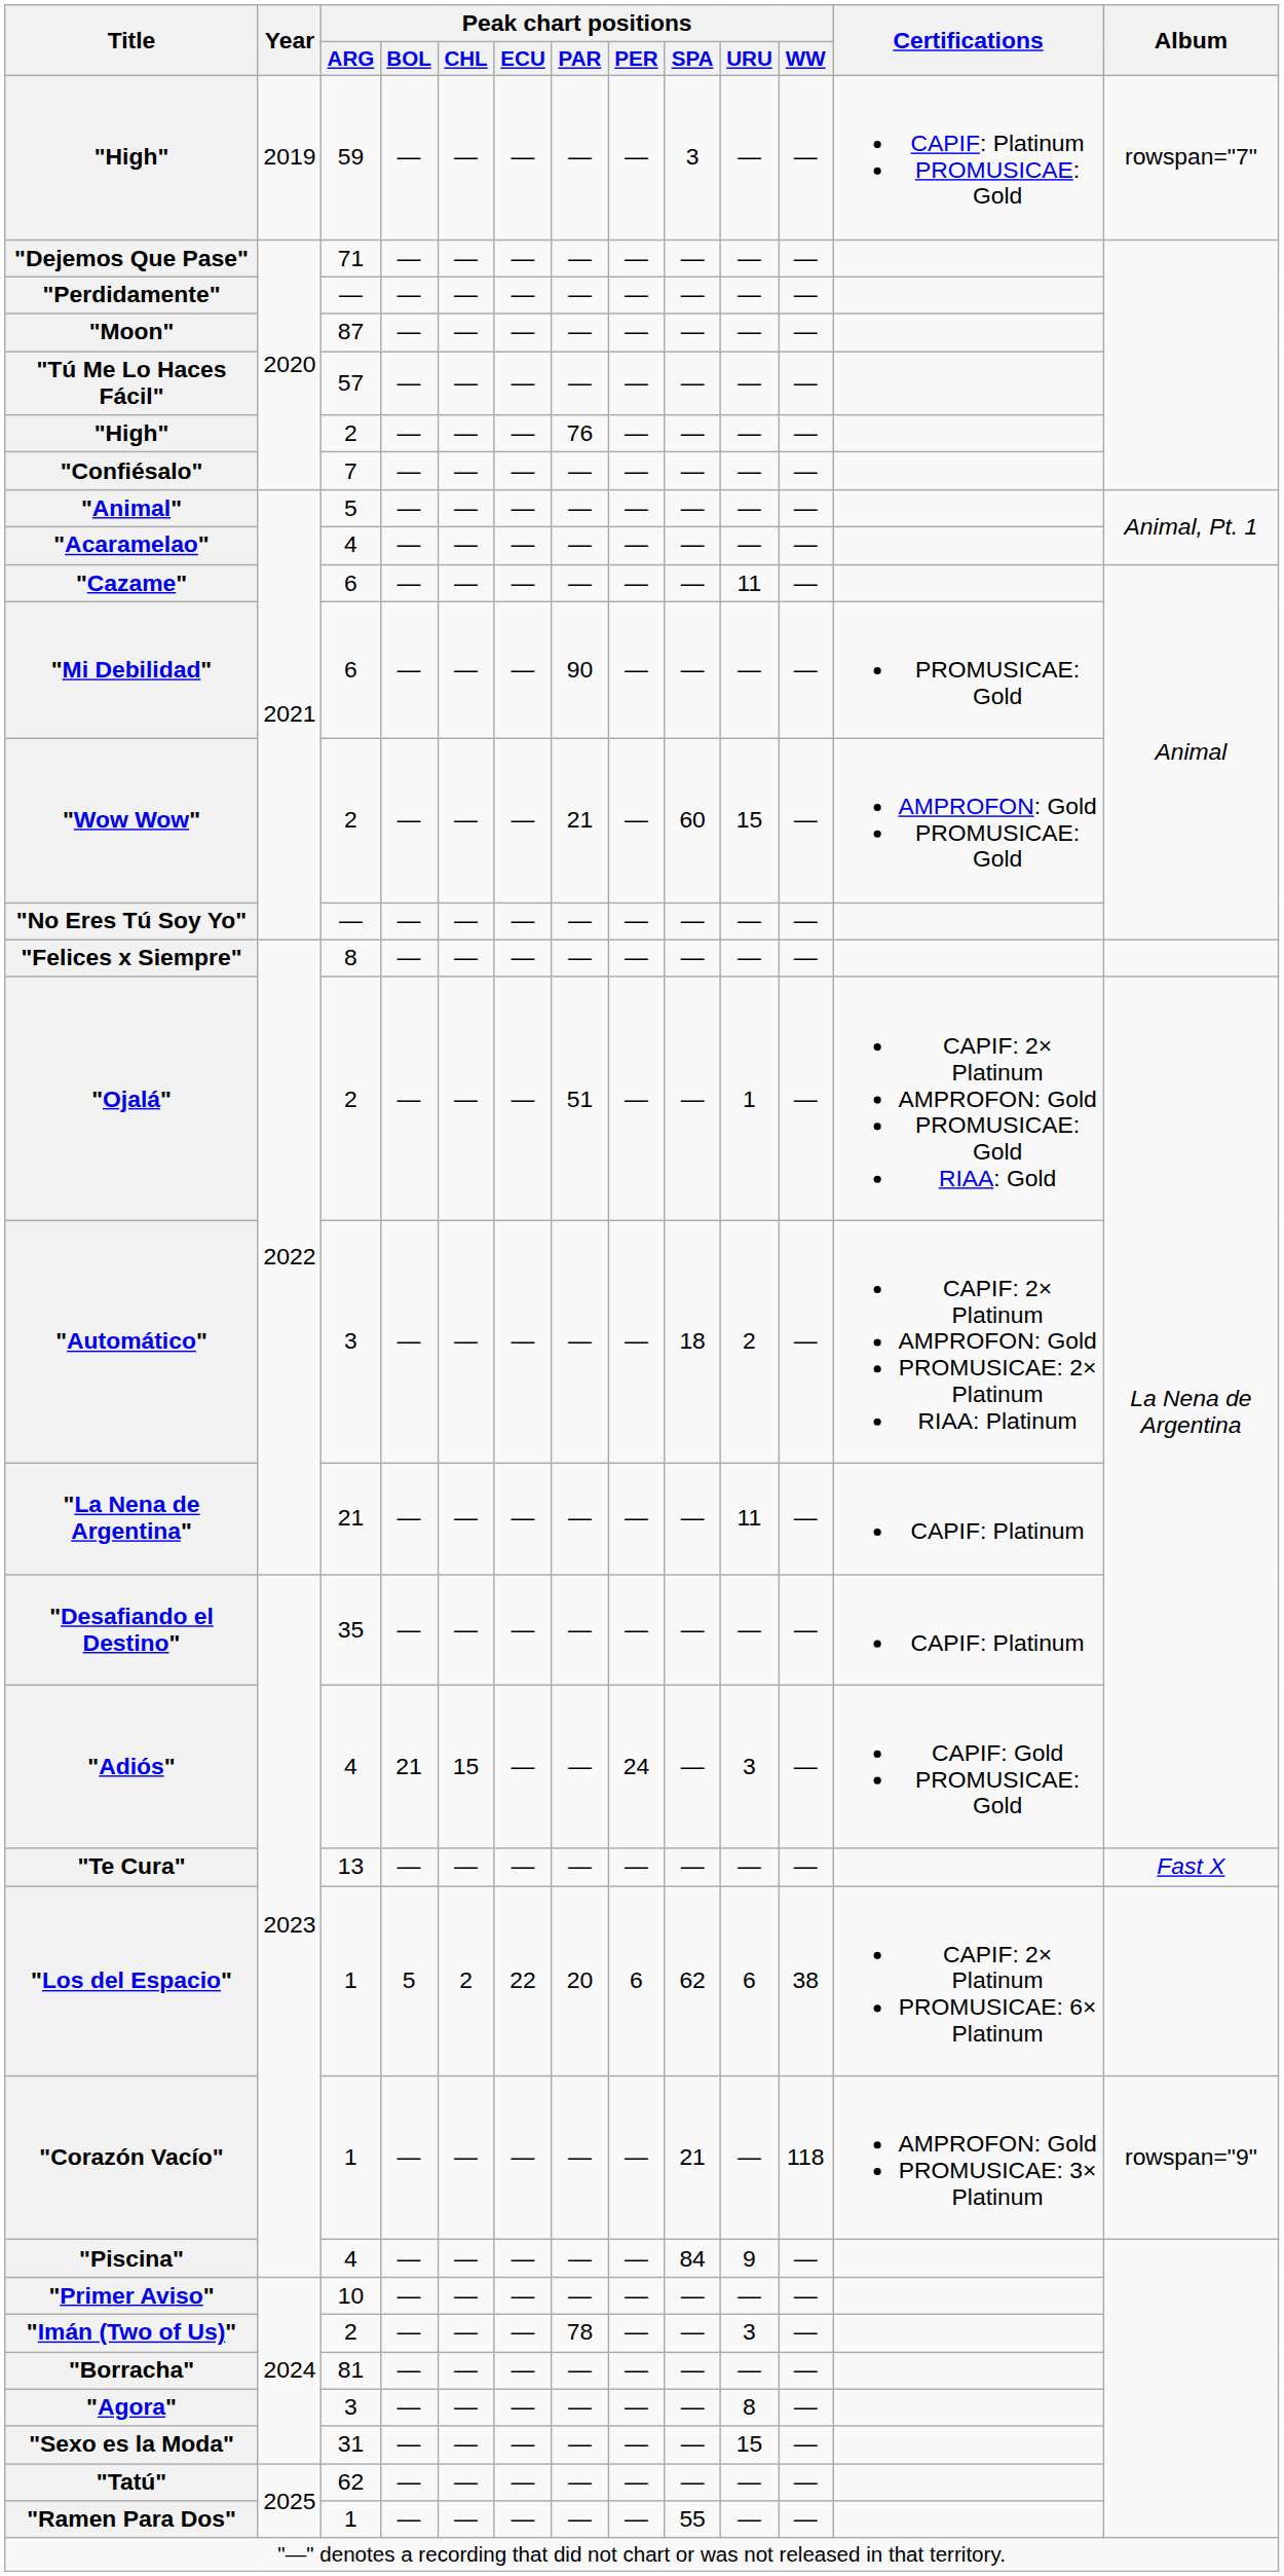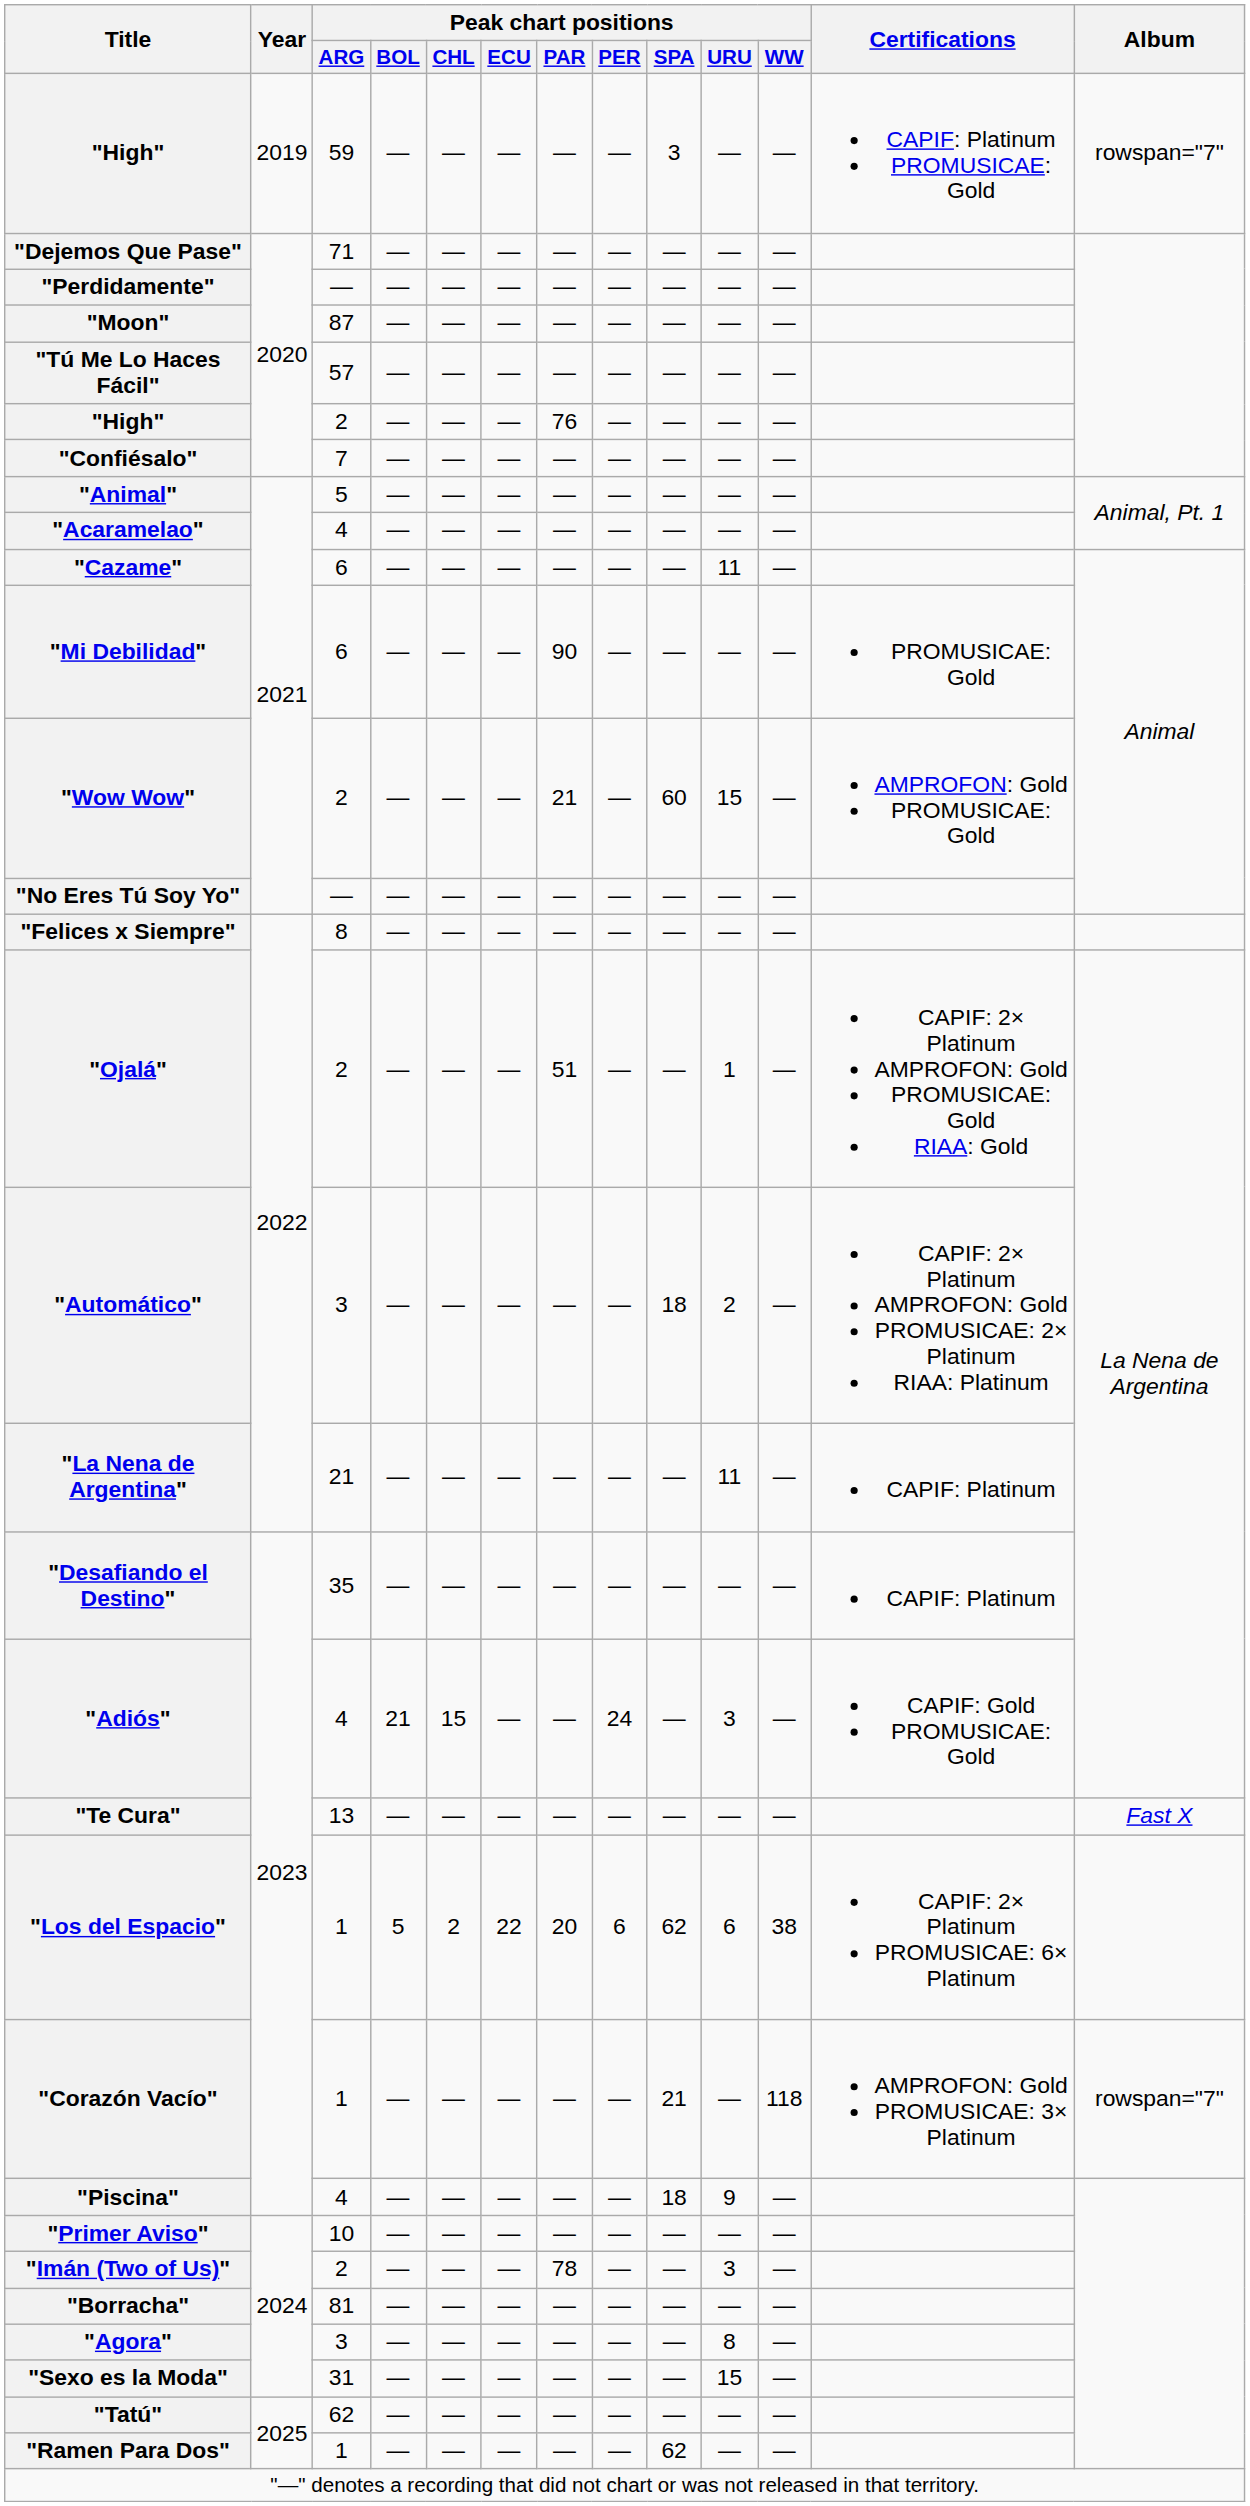 <table class="wikitable plainrowheaders" style="text-align:center;">
 <tr>
 <th scope="col" rowspan="2" style="width:15.5em;">Title</th>
 <th scope="col" rowspan="2" style="width:1em;">Year</th>
 <th scope="col" colspan="9">Peak chart positions</th>
 <th scope="col" rowspan="2" style="width:14em;"><a href='#'>Certifications</a></th>
 <th scope="col" rowspan="2" style="width:9.5em;">Album</th>
 </tr>
 <tr>
 <th scope="col" style="width:2.5em;font-size:90%;"><a href='#'>ARG</a><br></th>
 <th scope="col" style="width:2.5em;font-size:90%;"><a href='#'>BOL</a><br></th>
 <th scope="col" style="width:2.5em;font-size:90%;"><a href='#'>CHL</a><br></th>
 <th scope="col" style="width:2.5em;font-size:90%;"><a href='#'>ECU</a><br></th>
 <th scope="col" style="width:2.5em;font-size:90%;"><a href='#'>PAR</a><br></th>
 <th scope="col" style="width:2.5em;font-size:90%;"><a href='#'>PER</a><br></th>
 <th scope="col" style="width:2.5em;font-size:90%;"><a href='#'>SPA</a><br></th>
 <th scope="col" style="width:2.5em;font-size:90%;"><a href='#'>URU</a><br></th>
 <th scope="col" style="width:2.5em;font-size:90%;"><a href='#'>WW</a><br></th>
 </tr>
 <tr>
 <th scope="row">"High"</th>
 <td>2019</td>
 <td>59</td>
 <td>—</td>
 <td>—</td>
 <td>—</td>
 <td>—</td>
 <td>—</td>
 <td>3</td>
 <td>—</td>
 <td>—</td>
 <td><br><ul><li><a href='#'>CAPIF</a>: Platinum</li><li><a href='#'>PROMUSICAE</a>: Gold</li></ul></td>
 <td>rowspan="7" </td>
 </tr>
 <tr>
 <th scope="row">"Dejemos Que Pase"</th>
 <td rowspan="6">2020</td>
 <td>71</td>
 <td>—</td>
 <td>—</td>
 <td>—</td>
 <td>—</td>
 <td>—</td>
 <td>—</td>
 <td>—</td>
 <td>—</td>
 <td></td>
 </tr>
 <tr>
 <th scope="row">"Perdidamente"</th>
 <td>—</td>
 <td>—</td>
 <td>—</td>
 <td>—</td>
 <td>—</td>
 <td>—</td>
 <td>—</td>
 <td>—</td>
 <td>—</td>
 <td></td>
 </tr>
 <tr>
 <th scope="row">"Moon"<br></th>
 <td>87</td>
 <td>—</td>
 <td>—</td>
 <td>—</td>
 <td>—</td>
 <td>—</td>
 <td>—</td>
 <td>—</td>
 <td>—</td>
 <td></td>
 </tr>
 <tr>
 <th scope="row">"Tú Me Lo Haces Fácil"</th>
 <td>57</td>
 <td>—</td>
 <td>—</td>
 <td>—</td>
 <td>—</td>
 <td>—</td>
 <td>—</td>
 <td>—</td>
 <td>—</td>
 <td></td>
 </tr>
 <tr>
 <th scope="row">"High"  <br></th>
 <td>2</td>
 <td>—</td>
 <td>—</td>
 <td>—</td>
 <td>76</td>
 <td>—</td>
 <td>—</td>
 <td>—</td>
 <td>—</td>
 <td></td>
 </tr>
 <tr>
 <th scope="row">"Confiésalo"<br></th>
 <td>7</td>
 <td>—</td>
 <td>—</td>
 <td>—</td>
 <td>—</td>
 <td>—</td>
 <td>—</td>
 <td>—</td>
 <td>—</td>
 <td></td>
 </tr>
 <tr>
 <th scope="row">"<a href='#'>Animal</a>"<br></th>
 <td rowspan="6">2021</td>
 <td>5</td>
 <td>—</td>
 <td>—</td>
 <td>—</td>
 <td>—</td>
 <td>—</td>
 <td>—</td>
 <td>—</td>
 <td>—</td>
 <td></td>
 <td rowspan="2"><em>Animal, Pt. 1</em></td>
 </tr>
 <tr>
 <th scope="row">"<a href='#'>Acaramelao</a>"</th>
 <td>4</td>
 <td>—</td>
 <td>—</td>
 <td>—</td>
 <td>—</td>
 <td>—</td>
 <td>—</td>
 <td>—</td>
 <td>—</td>
 <td></td>
 </tr>
 <tr>
 <th scope="row">"<a href='#'>Cazame</a>"<br></th>
 <td>6</td>
 <td>—</td>
 <td>—</td>
 <td>—</td>
 <td>—</td>
 <td>—</td>
 <td>—</td>
 <td>11</td>
 <td>—</td>
 <td></td>
 <td rowspan="4"><em>Animal</em></td>
 </tr>
 <tr>
 <th scope="row">"<a href='#'>Mi Debilidad</a>"</th>
 <td>6</td>
 <td>—</td>
 <td>—</td>
 <td>—</td>
 <td>90</td>
 <td>—</td>
 <td>—</td>
 <td>—</td>
 <td>—</td>
 <td><br><ul><li>PROMUSICAE: Gold</li></ul></td>
 </tr>
 <tr>
 <th scope="row">"<a href='#'>Wow Wow</a>"<br></th>
 <td>2</td>
 <td>—</td>
 <td>—</td>
 <td>—</td>
 <td>21</td>
 <td>—</td>
 <td>60</td>
 <td>15</td>
 <td>—</td>
 <td><br><ul><li><a href='#'>AMPROFON</a>: Gold</li><li>PROMUSICAE: Gold</li></ul></td>
 </tr>
 <tr>
 <th scope="row">"No Eres Tú Soy Yo"<br></th>
 <td>—</td>
 <td>—</td>
 <td>—</td>
 <td>—</td>
 <td>—</td>
 <td>—</td>
 <td>—</td>
 <td>—</td>
 <td>—</td>
 <td></td>
 </tr>
 <tr>
 <th scope="row">"Felices x Siempre"</th>
 <td rowspan="4">2022</td>
 <td>8</td>
 <td>—</td>
 <td>—</td>
 <td>—</td>
 <td>—</td>
 <td>—</td>
 <td>—</td>
 <td>—</td>
 <td>—</td>
 <td></td>
 <td></td>
 </tr>
 <tr>
 <th scope="row">"<a href='#'>Ojalá</a>"</th>
 <td>2</td>
 <td>—</td>
 <td>—</td>
 <td>—</td>
 <td>51</td>
 <td>—</td>
 <td>—</td>
 <td>1</td>
 <td>—</td>
 <td><br><ul><li>CAPIF: 2× Platinum</li><li>AMPROFON: Gold</li><li>PROMUSICAE: Gold</li><li><a href='#'>RIAA</a>: Gold </li></ul></td>
 <td rowspan="5"><em>La Nena de Argentina</em></td>
 </tr>
 <tr>
 <th scope="row">"<a href='#'>Automático</a>"</th>
 <td>3</td>
 <td>—</td>
 <td>—</td>
 <td>—</td>
 <td>—</td>
 <td>—</td>
 <td>18</td>
 <td>2</td>
 <td>—</td>
 <td><br><ul><li>CAPIF: 2× Platinum</li><li>AMPROFON: Gold</li><li>PROMUSICAE: 2× Platinum</li><li>RIAA: Platinum </li></ul></td>
 </tr>
 <tr>
 <th scope="row">"<a href='#'>La Nena de Argentina</a>"</th>
 <td>21</td>
 <td>—</td>
 <td>—</td>
 <td>—</td>
 <td>—</td>
 <td>—</td>
 <td>—</td>
 <td>11</td>
 <td>—</td>
 <td><br><ul><li>CAPIF: Platinum</li></ul></td>
 </tr>
 <tr>
 <th scope="row">"<a href='#'>Desafiando el Destino</a>"</th>
 <td rowspan="6">2023</td>
 <td>35</td>
 <td>—</td>
 <td>—</td>
 <td>—</td>
 <td>—</td>
 <td>—</td>
 <td>—</td>
 <td>—</td>
 <td>—</td>
 <td><br><ul><li>CAPIF: Platinum</li></ul></td>
 </tr>
 <tr>
 <th scope="row">"<a href='#'>Adiós</a>"<br></th>
 <td>4</td>
 <td>21</td>
 <td>15</td>
 <td>—</td>
 <td>—</td>
 <td>24</td>
 <td>—</td>
 <td>3</td>
 <td>—</td>
 <td><br><ul><li>CAPIF: Gold</li><li>PROMUSICAE: Gold</li></ul></td>
 </tr>
 <tr>
 <th scope="row">"Te Cura"</th>
 <td>13</td>
 <td>—</td>
 <td>—</td>
 <td>—</td>
 <td>—</td>
 <td>—</td>
 <td>—</td>
 <td>—</td>
 <td>—</td>
 <td></td>
 <td><em><a href='#'>Fast X</a></em></td>
 </tr>
 <tr>
 <th scope="row">"<a href='#'>Los del Espacio</a>"<br></th>
 <td>1</td>
 <td>5</td>
 <td>2</td>
 <td>22</td>
 <td>20</td>
 <td>6</td>
 <td>62</td>
 <td>6</td>
 <td>38</td>
 <td><br><ul><li>CAPIF: 2× Platinum</li><li>PROMUSICAE: 6× Platinum</li></ul></td>
 <td></td>
 </tr>
 <tr>
 <th scope="row">"Corazón Vacío"</th>
 <td>1</td>
 <td>—</td>
 <td>—</td>
 <td>—</td>
 <td>—</td>
 <td>—</td>
 <td>21</td>
 <td>—</td>
 <td>118</td>
 <td><br><ul><li>AMPROFON: Gold</li><li>PROMUSICAE: 3× Platinum</li></ul></td>
-<td>rowspan="9" </td>
+<td>rowspan="7" </td>
 </tr>
 <tr>
 <th scope="row">"Piscina"<br></th>
 <td>4</td>
 <td>—</td>
 <td>—</td>
 <td>—</td>
 <td>—</td>
 <td>—</td>
-<td>84</td>
+<td>18</td>
 <td>9</td>
 <td>—</td>
 <td></td>
 </tr>
 <tr>
 <th scope="row">"<a href='#'>Primer Aviso</a>"<br></th>
 <td rowspan="5">2024</td>
 <td>10</td>
 <td>—</td>
 <td>—</td>
 <td>—</td>
 <td>—</td>
 <td>—</td>
 <td>—</td>
 <td>—</td>
 <td>—</td>
 <td></td>
 </tr>
 <tr>
 <th scope="row">"<a href='#'>Imán (Two of Us)</a>"</th>
 <td>2</td>
 <td>—</td>
 <td>—</td>
 <td>—</td>
 <td>78</td>
 <td>—</td>
 <td>—</td>
 <td>3</td>
 <td>—</td>
 <td></td>
 </tr>
 <tr>
 <th scope="row">"Borracha"<br></th>
 <td>81</td>
 <td>—</td>
 <td>—</td>
 <td>—</td>
 <td>—</td>
 <td>—</td>
 <td>—</td>
 <td>—</td>
 <td>—</td>
 <td></td>
 </tr>
 <tr>
 <th scope="row">"<a href='#'>Agora</a>"</th>
 <td>3</td>
 <td>—</td>
 <td>—</td>
 <td>—</td>
 <td>—</td>
 <td>—</td>
 <td>—</td>
 <td>8</td>
 <td>—</td>
 <td></td>
 </tr>
 <tr>
 <th scope="row">"Sexo es la Moda"<br></th>
 <td>31</td>
 <td>—</td>
 <td>—</td>
 <td>—</td>
 <td>—</td>
 <td>—</td>
 <td>—</td>
 <td>15</td>
 <td>—</td>
 <td></td>
 </tr>
 <tr>
 <th scope="row">"Tatú"</th>
 <td rowspan="2">2025</td>
 <td>62</td>
 <td>—</td>
 <td>—</td>
 <td>—</td>
 <td>—</td>
 <td>—</td>
 <td>—</td>
 <td>—</td>
 <td>—</td>
 <td></td>
 </tr>
 <tr>
 <th scope="row">"Ramen Para Dos"<br></th>
 <td>1</td>
 <td>—</td>
 <td>—</td>
 <td>—</td>
 <td>—</td>
 <td>—</td>
-<td>55</td>
+<td>62</td>
 <td>—</td>
 <td>—</td>
 <td></td>
 </tr>
 <tr>
 <td colspan="15" style="font-size:90%">"—" denotes a recording that did not chart or was not released in that territory.</td>
 </tr>
 </table>
